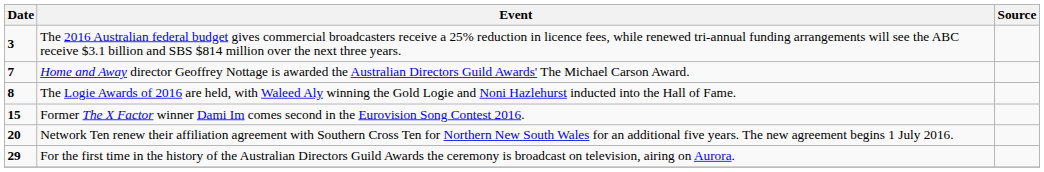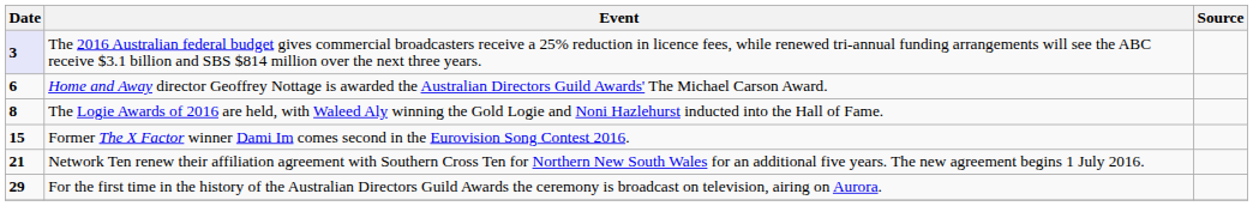 <table class="wikitable">
 <tr>
 <th>Date</th>
 <th>Event</th>
 <th>Source</th>
 </tr>
 <tr>
-<td><strong>3</strong></td>
+<td style="background: lavender;"><strong>3</strong></td>
 <td>The <a href='#'>2016 Australian federal budget</a> gives commercial broadcasters receive a 25% reduction in licence fees, while renewed tri-annual funding arrangements will see the ABC receive $3.1 billion and SBS $814 million over the next three years.</td>
 <td></td>
 </tr>
 <tr>
-<td><strong>7</strong></td>
+<td><strong>6</strong></td>
 <td><em><a href='#'>Home and Away</a></em> director Geoffrey Nottage is awarded the <a href='#'>Australian Directors Guild Awards'</a> The Michael Carson Award.</td>
 <td></td>
 </tr>
 <tr>
 <td><strong>8</strong></td>
 <td>The <a href='#'>Logie Awards of 2016</a> are held, with <a href='#'>Waleed Aly</a> winning the Gold Logie and <a href='#'>Noni Hazlehurst</a> inducted into the Hall of Fame.</td>
 <td></td>
 </tr>
 <tr>
 <td><strong>15</strong></td>
 <td>Former <em><a href='#'>The X Factor</a></em> winner <a href='#'>Dami Im</a> comes second in the <a href='#'>Eurovision Song Contest 2016</a>.</td>
 <td></td>
 </tr>
 <tr>
-<td><strong>20</strong></td>
+<td><strong>21</strong></td>
 <td>Network Ten renew their affiliation agreement with Southern Cross Ten for <a href='#'>Northern New South Wales</a> for an additional five years. The new agreement begins 1 July 2016.</td>
 <td></td>
 </tr>
 <tr>
 <td><strong>29</strong></td>
 <td>For the first time in the history of the Australian Directors Guild Awards the ceremony is broadcast on television, airing on <a href='#'>Aurora</a>.</td>
 <td></td>
 </tr>
 <tr>
 </tr>
 </table>
